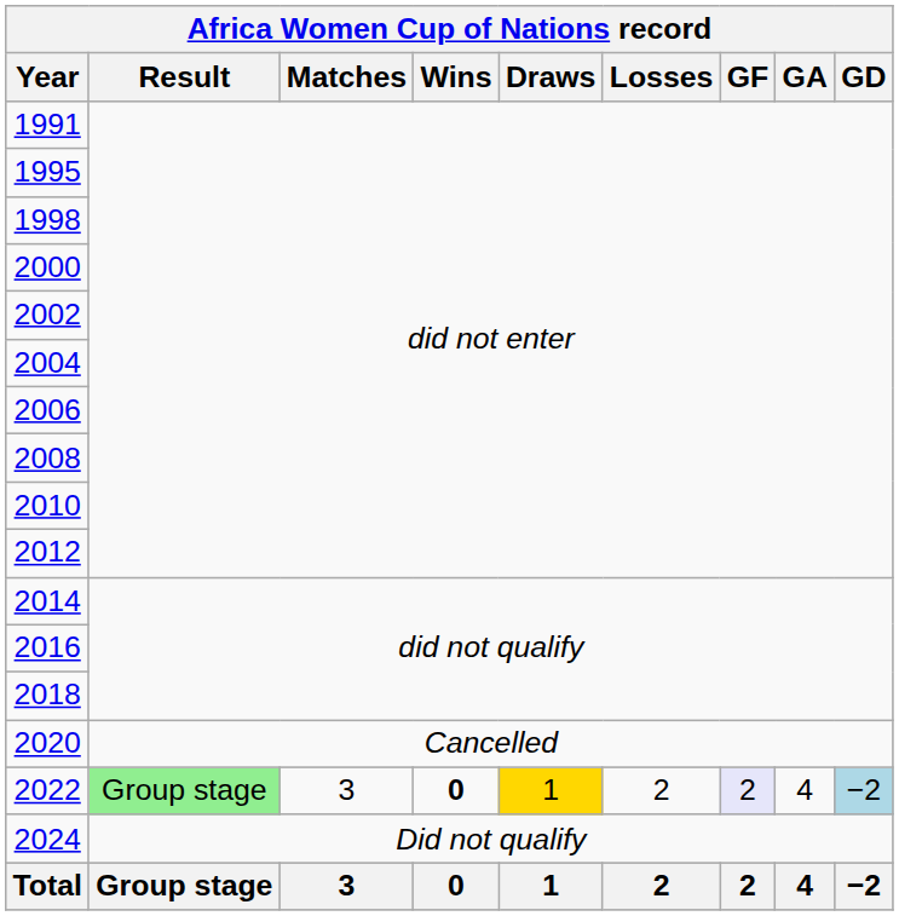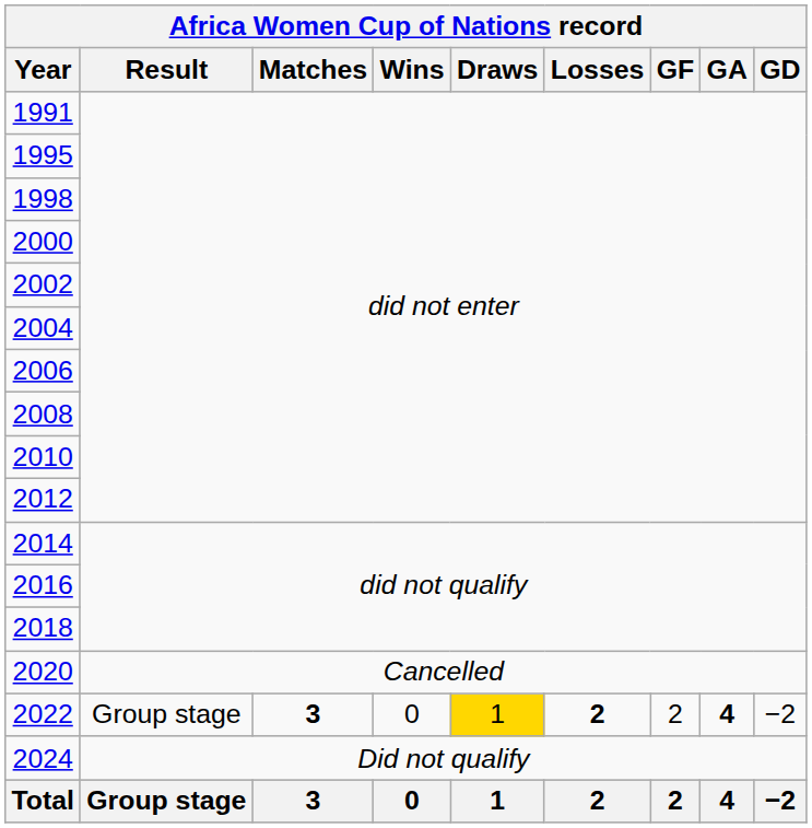 <table class="wikitable" style="text-align: center;">
 <tr>
 <th colspan=9><a href='#'>Africa Women Cup of Nations</a> record</th>
 </tr>
 <tr>
 <th>Year</th>
 <th>Result</th>
 <th>Matches</th>
 <th>Wins</th>
 <th>Draws</th>
 <th>Losses</th>
 <th>GF</th>
 <th>GA</th>
 <th>GD</th>
 </tr>
 <tr>
 <td><a href='#'>1991</a></td>
 <td rowspan=10 colspan=8><em>did not enter</em></td>
 </tr>
 <tr>
 <td><a href='#'>1995</a></td>
 </tr>
 <tr>
 <td> <a href='#'>1998</a></td>
 </tr>
 <tr>
 <td> <a href='#'>2000</a></td>
 </tr>
 <tr>
 <td> <a href='#'>2002</a></td>
 </tr>
 <tr>
 <td> <a href='#'>2004</a></td>
 </tr>
 <tr>
 <td> <a href='#'>2006</a></td>
 </tr>
 <tr>
 <td> <a href='#'>2008</a></td>
 </tr>
 <tr>
 <td> <a href='#'>2010</a></td>
 </tr>
 <tr>
 <td> <a href='#'>2012</a></td>
 </tr>
 <tr>
 <td> <a href='#'>2014</a></td>
 <td rowspan=3 colspan=8><em>did not qualify</em></td>
 </tr>
 <tr>
 <td> <a href='#'>2016</a></td>
 </tr>
 <tr>
 <td> <a href='#'>2018</a></td>
 </tr>
 <tr>
 <td> <a href='#'>2020</a></td>
 <td colspan=8><em>Cancelled</em></td>
 </tr>
 <tr>
 <td> <a href='#'>2022</a></td>
-<td style="background: lightgreen;">Group stage</td>
-<td>3</td>
-<td><strong>0</strong></td>
+<td>Group stage</td>
+<td><strong>3</strong></td>
+<td>0</td>
 <td style="background: gold;">1</td>
+<td><strong>2</strong></td>
 <td>2</td>
-<td style="background: lavender;">2</td>
-<td>4</td>
-<td style="background: lightblue;">−2</td>
+<td><strong>4</strong></td>
+<td>−2</td>
 </tr>
 <tr>
 <td> <a href='#'>2024</a></td>
 <td colspan=8><em>Did not qualify</em></td>
 </tr>
 <tr>
 <th><strong>Total</strong></th>
 <th>Group stage</th>
 <th>3</th>
 <th>0</th>
 <th>1</th>
 <th>2</th>
 <th>2</th>
 <th>4</th>
 <th>−2</th>
 </tr>
 </table>
